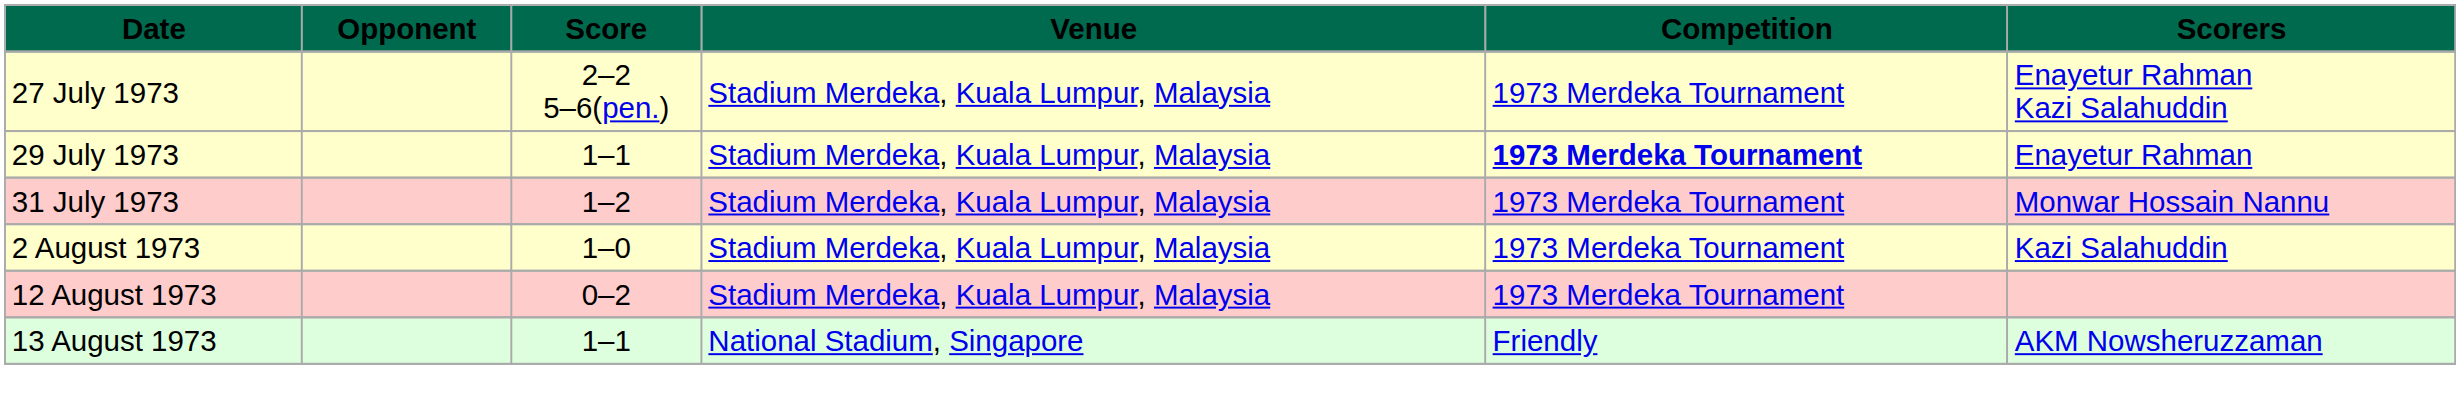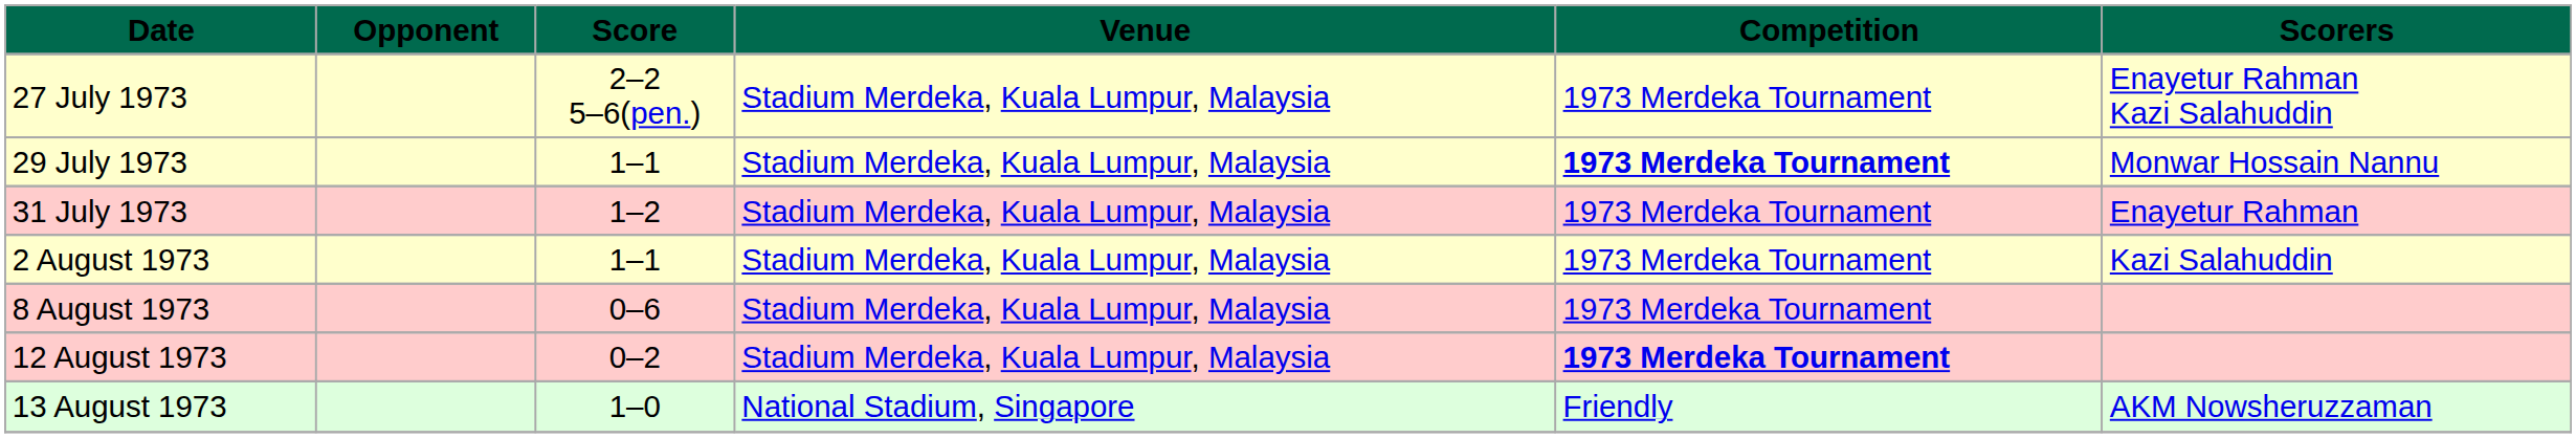 <table class="wikitable" width=100% style="text-align:left;font-size:95%;">
 <tr>
 <th style="background:#006a4e;"><span>Date</span></th>
 <th style="background:#006a4e;"><span>Opponent</span></th>
 <th style="background:#006a4e;"><span>Score</span></th>
 <th style="background:#006a4e;"><span>Venue</span></th>
 <th style="background:#006a4e;"><span>Competition</span></th>
 <th style="background:#006a4e;"><span>Scorers</span></th>
 </tr>
 <tr>
 </tr>
 <tr style="background:#ffc;">
 <td>27 July 1973</td>
 <td></td>
 <td style="text-align: center">2–2<br>5–6(<a href='#'>pen.</a>)</td>
 <td> <a href='#'>Stadium Merdeka</a>, <a href='#'>Kuala Lumpur</a>, <a href='#'>Malaysia</a></td>
 <td><a href='#'>1973 Merdeka Tournament</a></td>
 <td><a href='#'>Enayetur Rahman</a> <br><a href='#'>Kazi Salahuddin</a> </td>
 </tr>
 <tr>
 </tr>
 <tr style="background:#ffc;">
 <td>29 July 1973</td>
 <td></td>
 <td style="text-align: center">1–1</td>
 <td> <a href='#'>Stadium Merdeka</a>, <a href='#'>Kuala Lumpur</a>, <a href='#'>Malaysia</a></td>
 <td><strong><a href='#'>1973 Merdeka Tournament</a></strong></td>
-<td><a href='#'>Enayetur Rahman</a> </td>
+<td><a href='#'>Monwar Hossain Nannu</a> </td>
 </tr>
 <tr>
 </tr>
 <tr style="background:#fcc;">
 <td>31 July 1973</td>
 <td></td>
 <td style="text-align: center">1–2</td>
 <td> <a href='#'>Stadium Merdeka</a>, <a href='#'>Kuala Lumpur</a>, <a href='#'>Malaysia</a></td>
 <td><a href='#'>1973 Merdeka Tournament</a></td>
-<td><a href='#'>Monwar Hossain Nannu</a> </td>
+<td><a href='#'>Enayetur Rahman</a> </td>
 </tr>
 <tr>
 </tr>
 <tr style="background:#ffc;">
 <td>2 August 1973</td>
 <td></td>
-<td style="text-align: center">1–0</td>
+<td style="text-align: center">1–1</td>
 <td> <a href='#'>Stadium Merdeka</a>, <a href='#'>Kuala Lumpur</a>, <a href='#'>Malaysia</a></td>
 <td><a href='#'>1973 Merdeka Tournament</a></td>
 <td><a href='#'>Kazi Salahuddin</a> </td>
 </tr>
 <tr>
+</tr>
+<tr style="background:#fcc;">
+<td>8 August 1973</td>
+<td></td>
+<td style="text-align: center">0–6</td>
+<td> <a href='#'>Stadium Merdeka</a>, <a href='#'>Kuala Lumpur</a>, <a href='#'>Malaysia</a></td>
+<td><a href='#'>1973 Merdeka Tournament</a></td>
+<td></td>
 </tr>
 <tr>
 </tr>
 <tr style="background:#fcc;">
 <td>12 August 1973</td>
 <td></td>
 <td style="text-align: center">0–2</td>
 <td> <a href='#'>Stadium Merdeka</a>, <a href='#'>Kuala Lumpur</a>, <a href='#'>Malaysia</a></td>
-<td><a href='#'>1973 Merdeka Tournament</a></td>
+<td><strong><a href='#'>1973 Merdeka Tournament</a></strong></td>
 <td></td>
 </tr>
 <tr>
 </tr>
 <tr style="background:#dfd;">
 <td>13 August 1973</td>
 <td></td>
-<td style="text-align: center">1–1</td>
+<td style="text-align: center">1–0</td>
 <td> <a href='#'>National Stadium</a>, <a href='#'>Singapore</a></td>
 <td><a href='#'>Friendly</a></td>
 <td><a href='#'>AKM Nowsheruzzaman</a> </td>
 </tr>
 <tr>
 </tr>
 </table>
